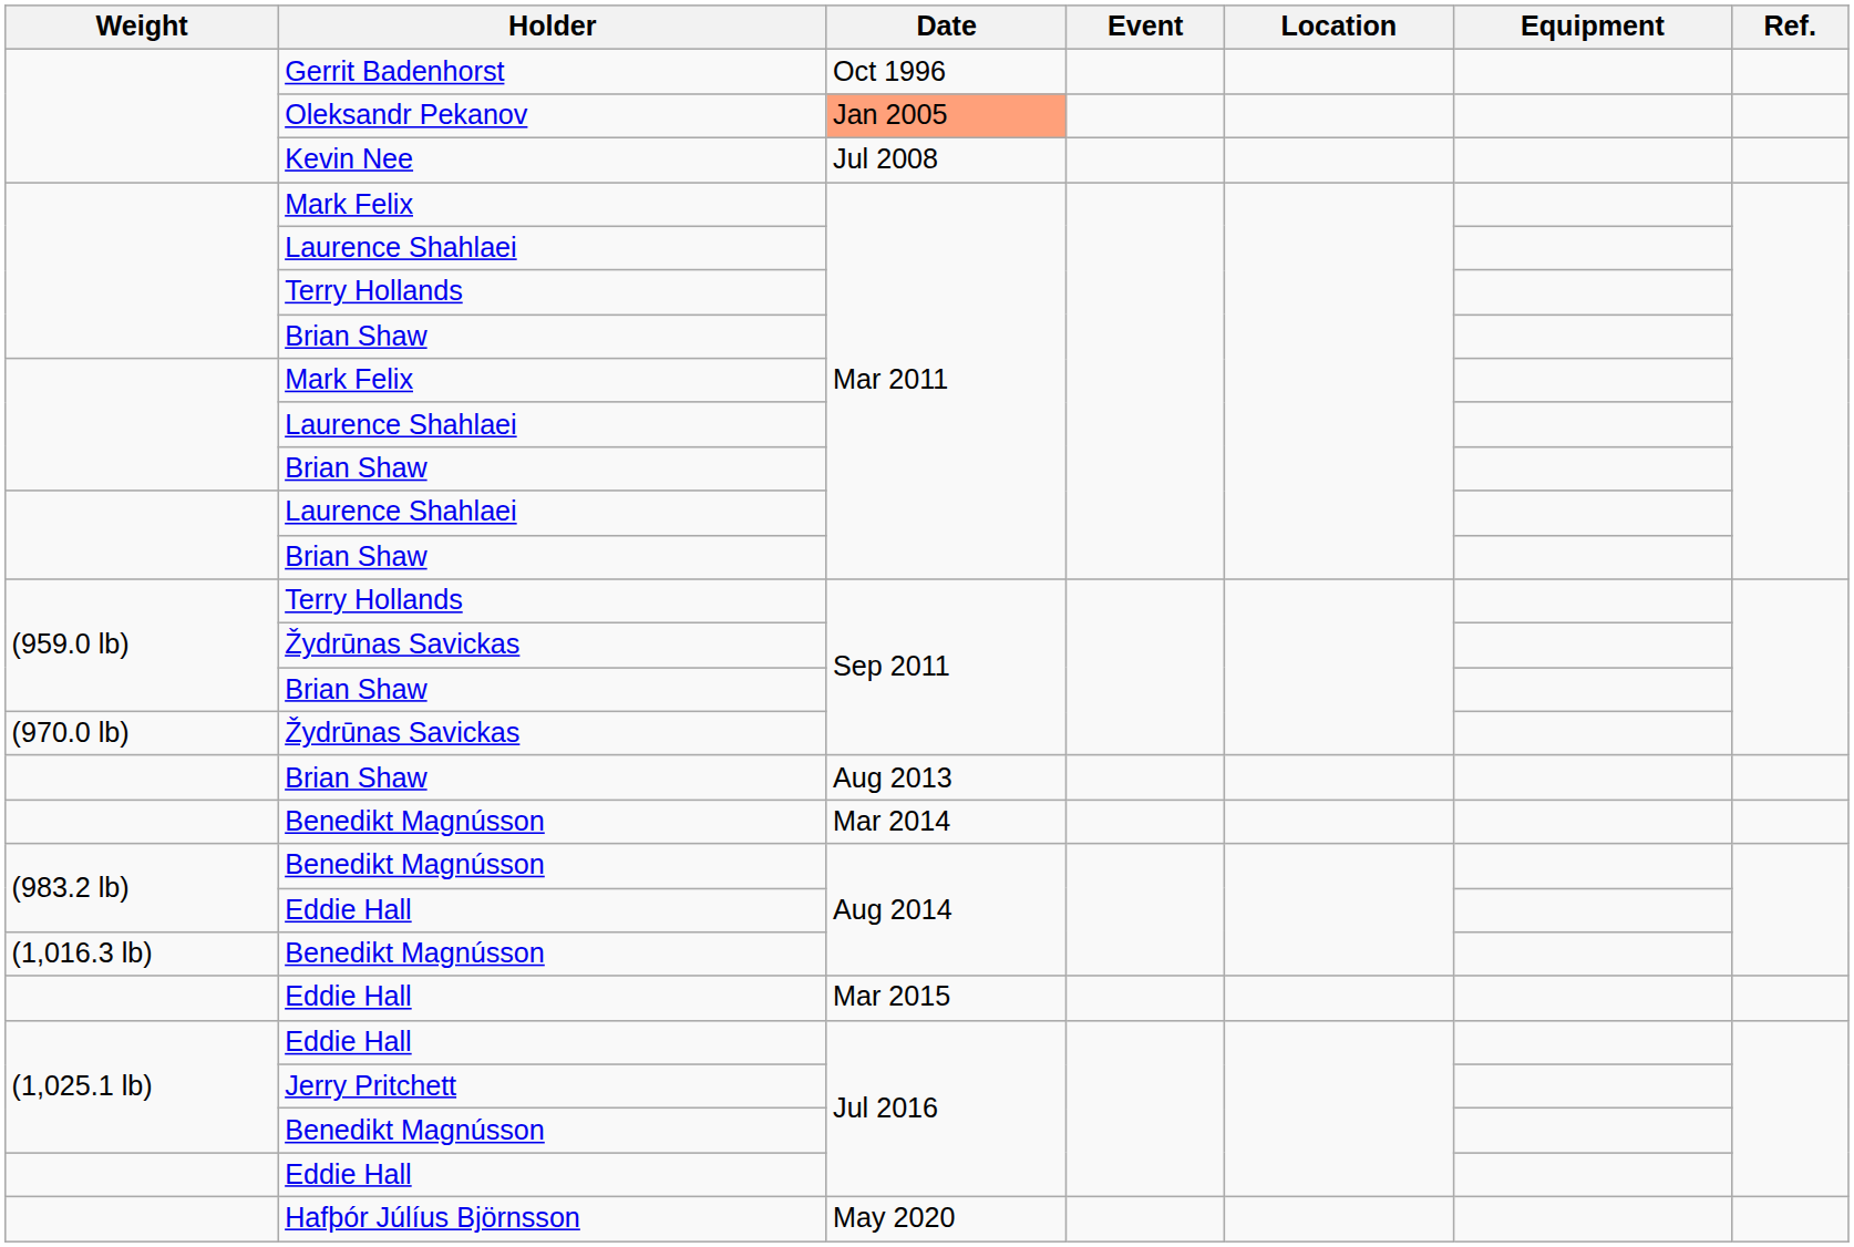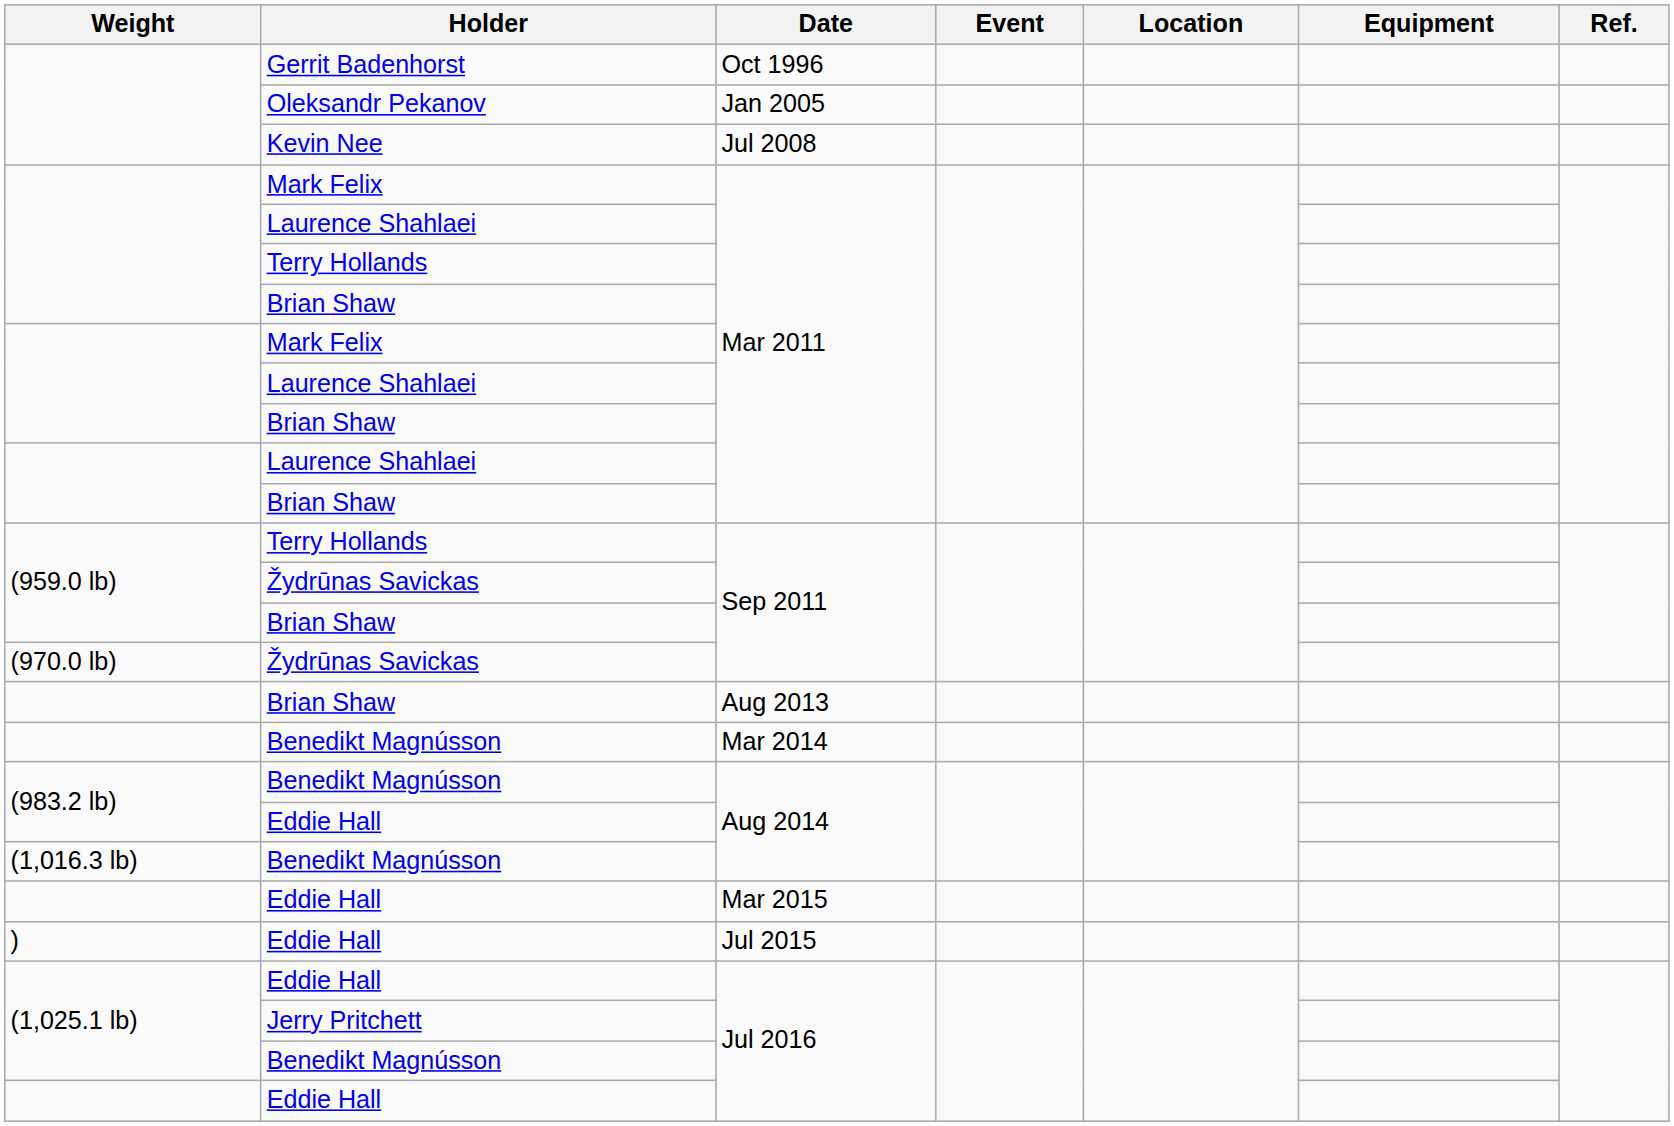 <table class="wikitable sortable" style="display: inline-table;width: 120%;">
 <tr>
 <th scope="col">Weight </th>
 <th scope="col">Holder</th>
 <th scope="col" class="unsortable">Date</th>
 <th scope="col" class="unsortable">Event</th>
 <th scope="col">Location</th>
 <th scope="col" class="unsortable">Equipment</th>
 <th scope="col" class="unsortable">Ref.</th>
 </tr>
 <tr>
 <td rowspan="3"></td>
 <td> <a href='#'>Gerrit Badenhorst</a></td>
 <td>Oct 1996</td>
 <td></td>
 <td></td>
 <td></td>
 <td></td>
 </tr>
 <tr>
 <td> <a href='#'>Oleksandr Pekanov</a></td>
-<td style="background: lightsalmon;">Jan 2005</td>
+<td>Jan 2005</td>
 <td></td>
 <td></td>
 <td></td>
 <td></td>
 </tr>
 <tr>
 <td> <a href='#'>Kevin Nee</a></td>
 <td>Jul 2008</td>
 <td></td>
 <td></td>
 <td></td>
 <td></td>
 </tr>
 <tr>
 <td rowspan="4"></td>
 <td> <a href='#'>Mark Felix</a></td>
 <td rowspan="9">Mar 2011</td>
 <td rowspan="9"></td>
 <td rowspan="9"></td>
 <td></td>
 <td rowspan="9"></td>
 </tr>
 <tr>
 <td> <a href='#'>Laurence Shahlaei</a></td>
 <td></td>
 </tr>
 <tr>
 <td> <a href='#'>Terry Hollands</a></td>
 <td></td>
 </tr>
 <tr>
 <td> <a href='#'>Brian Shaw</a></td>
 <td></td>
 </tr>
 <tr>
 <td rowspan="3"></td>
 <td> <a href='#'>Mark Felix</a></td>
 <td></td>
 </tr>
 <tr>
 <td> <a href='#'>Laurence Shahlaei</a></td>
 <td></td>
 </tr>
 <tr>
 <td> <a href='#'>Brian Shaw</a></td>
 <td></td>
 </tr>
 <tr>
 <td rowspan="2"></td>
 <td> <a href='#'>Laurence Shahlaei</a></td>
 <td></td>
 </tr>
 <tr>
 <td> <a href='#'>Brian Shaw</a></td>
 <td></td>
 </tr>
 <tr>
 <td rowspan="3"> (959.0 lb)</td>
 <td> <a href='#'>Terry Hollands</a></td>
 <td rowspan="4">Sep 2011</td>
 <td rowspan="4"></td>
 <td rowspan="4"></td>
 <td></td>
 <td rowspan="4"></td>
 </tr>
 <tr>
 <td> <a href='#'>Žydrūnas Savickas</a></td>
 <td></td>
 </tr>
 <tr>
 <td> <a href='#'>Brian Shaw</a></td>
 <td></td>
 </tr>
 <tr>
 <td> (970.0 lb)</td>
 <td> <a href='#'>Žydrūnas Savickas</a></td>
 <td></td>
 </tr>
 <tr>
 <td></td>
 <td> <a href='#'>Brian Shaw</a></td>
 <td>Aug 2013</td>
 <td></td>
 <td></td>
 <td></td>
 <td></td>
 </tr>
 <tr>
 <td></td>
 <td> <a href='#'>Benedikt Magnússon</a></td>
 <td>Mar 2014</td>
 <td></td>
 <td></td>
 <td></td>
 <td></td>
 </tr>
 <tr>
 <td rowspan=2> (983.2 lb)</td>
 <td> <a href='#'>Benedikt Magnússon</a></td>
 <td rowspan="3">Aug 2014</td>
 <td rowspan="3"></td>
 <td rowspan="3"></td>
 <td></td>
 <td rowspan="3"></td>
 </tr>
 <tr>
 <td> <a href='#'>Eddie Hall</a></td>
 <td></td>
 </tr>
 <tr>
 <td> (1,016.3 lb)</td>
 <td> <a href='#'>Benedikt Magnússon</a></td>
 <td></td>
 </tr>
 <tr>
 <td></td>
 <td> <a href='#'>Eddie Hall</a></td>
 <td>Mar 2015</td>
 <td></td>
 <td></td>
 <td></td>
 <td></td>
 </tr>
 <tr>
+<td>)</td>
+<td> <a href='#'>Eddie Hall</a></td>
+<td>Jul 2015</td>
+<td></td>
+<td></td>
+<td></td>
+<td></td>
+</tr>
+<tr>
 <td rowspan=3> (1,025.1 lb)</td>
 <td> <a href='#'>Eddie Hall</a></td>
 <td rowspan="4">Jul 2016</td>
 <td rowspan="4"></td>
 <td rowspan="4"></td>
 <td></td>
 <td rowspan="4"></td>
 </tr>
 <tr>
 <td> <a href='#'>Jerry Pritchett</a></td>
 <td></td>
 </tr>
 <tr>
 <td> <a href='#'>Benedikt Magnússon</a></td>
 <td></td>
 </tr>
 <tr>
 <td></td>
 <td> <a href='#'>Eddie Hall</a></td>
 <td></td>
 </tr>
-<tr>
-<td></td>
-<td> <a href='#'>Hafþór Júlíus Björnsson</a></td>
-<td>May 2020</td>
-<td></td>
-<td></td>
-<td></td>
-<td></td>
-</tr>
 </table>
